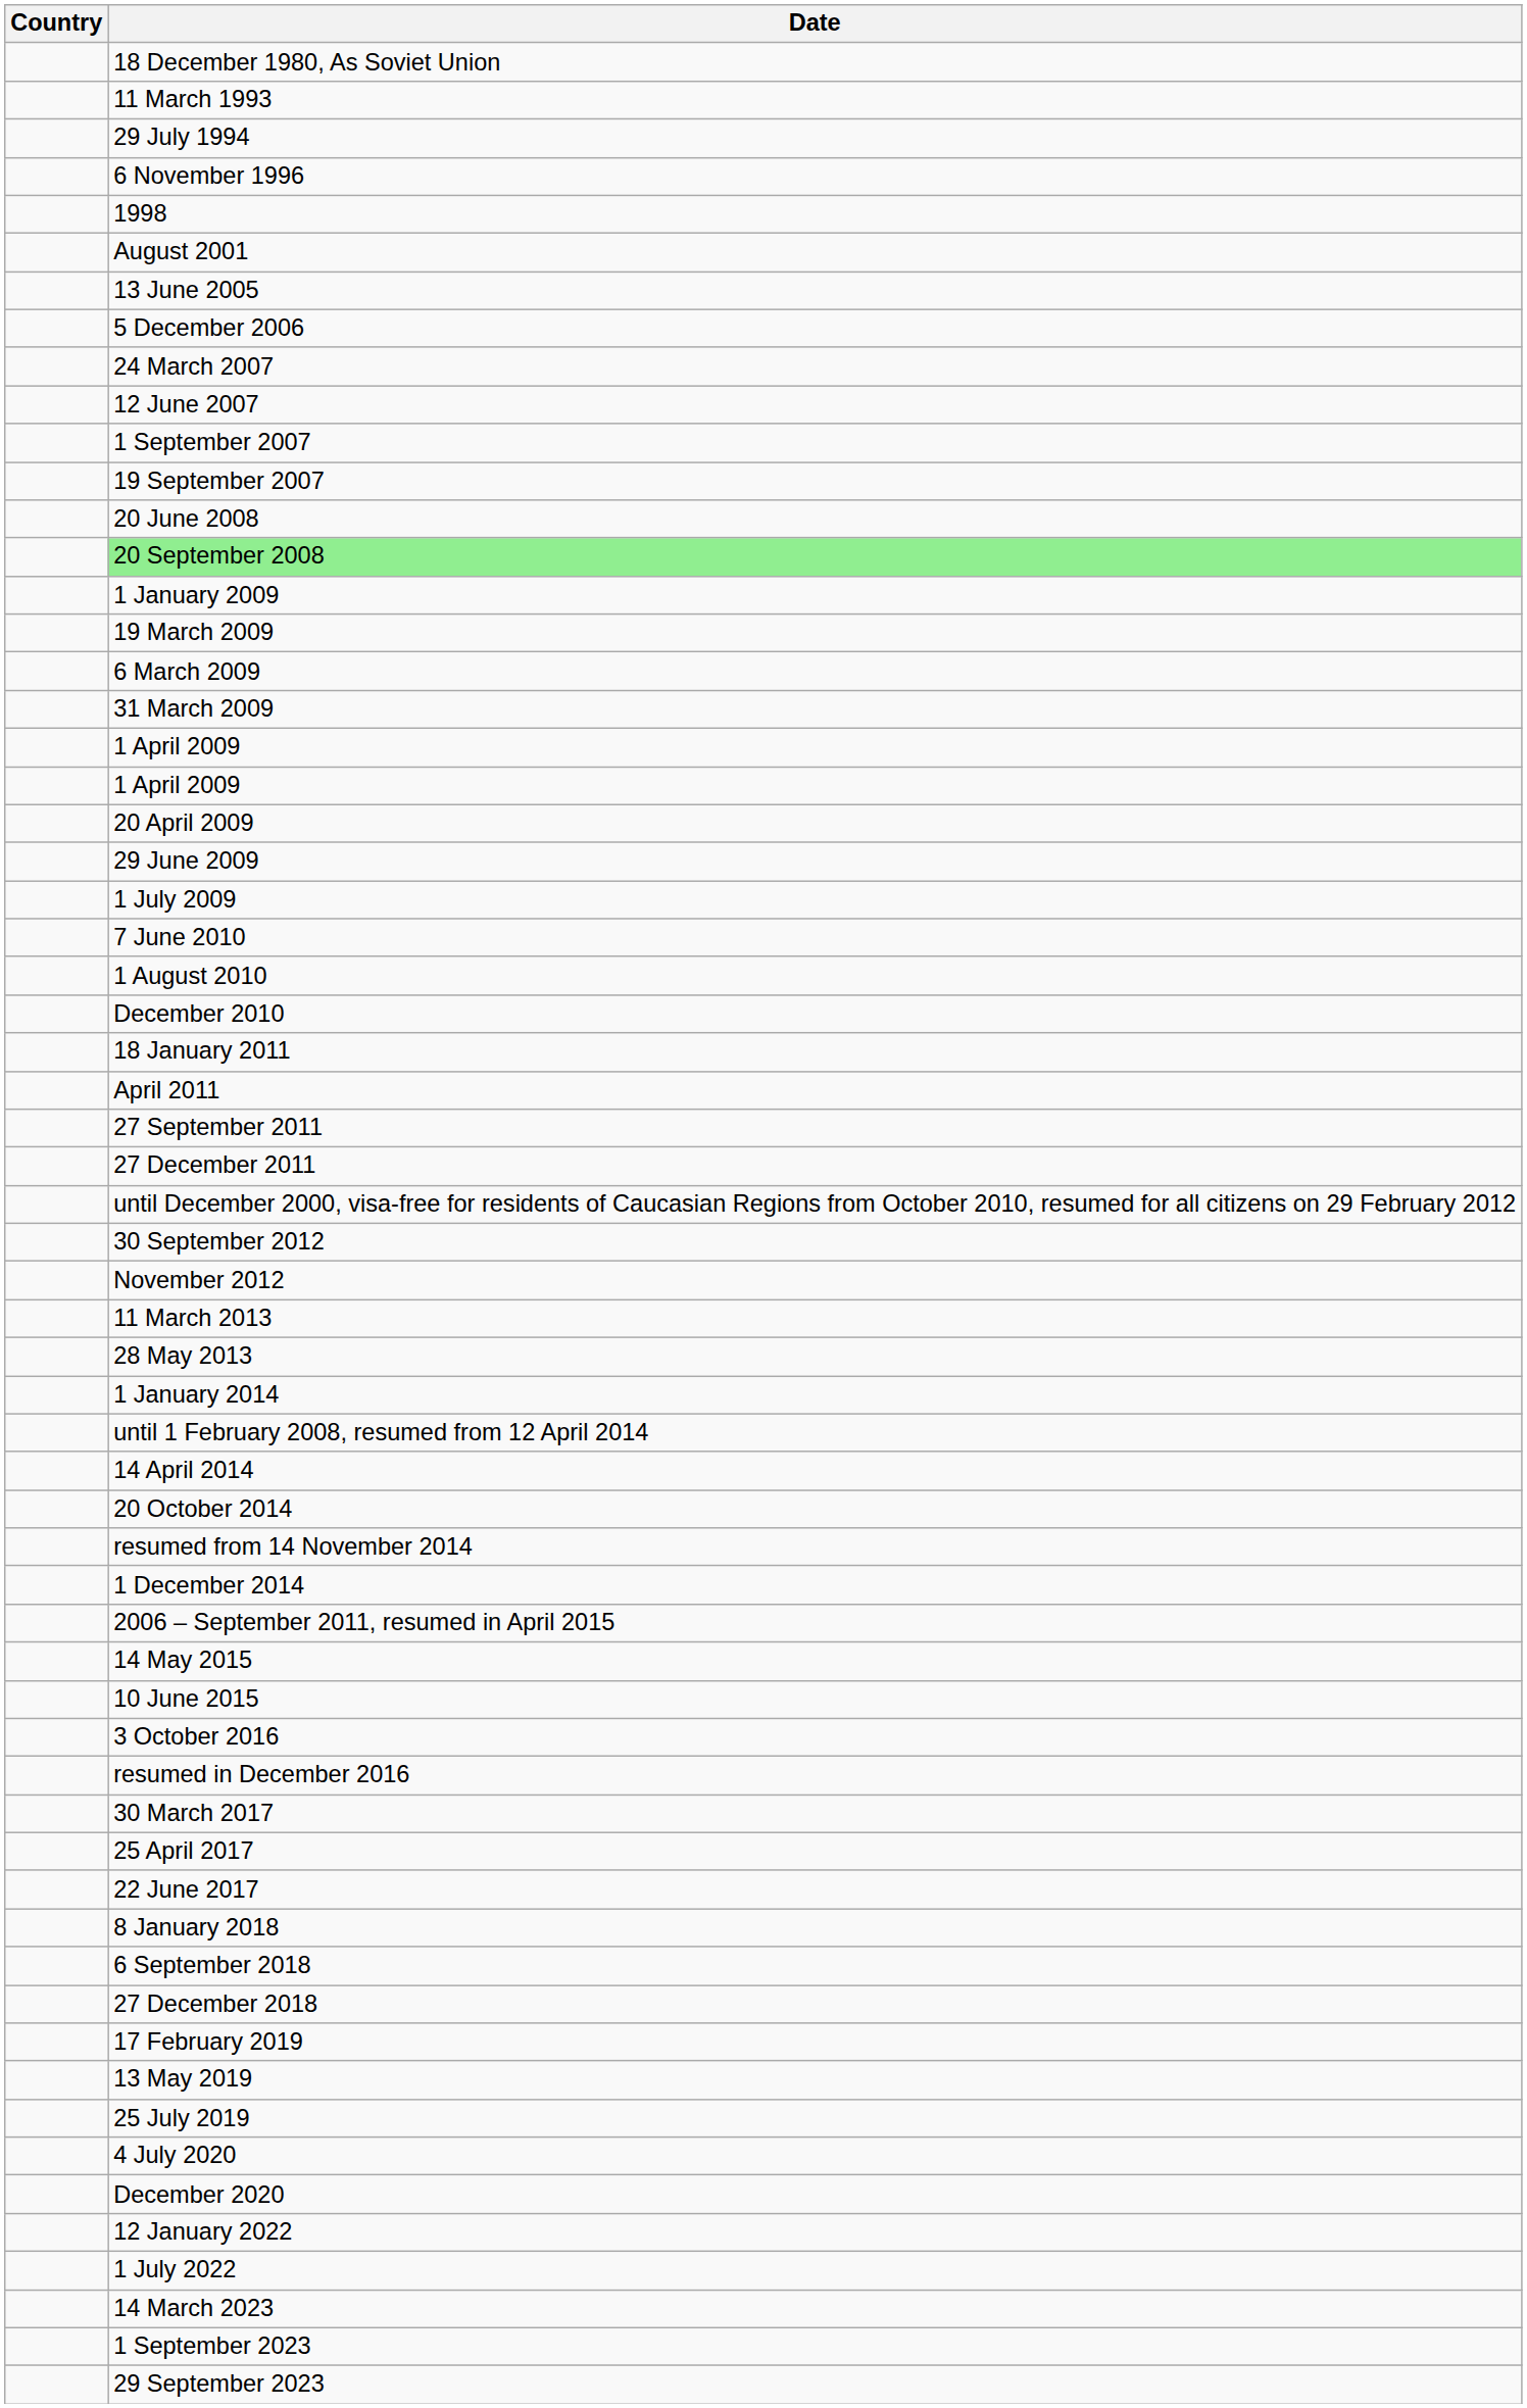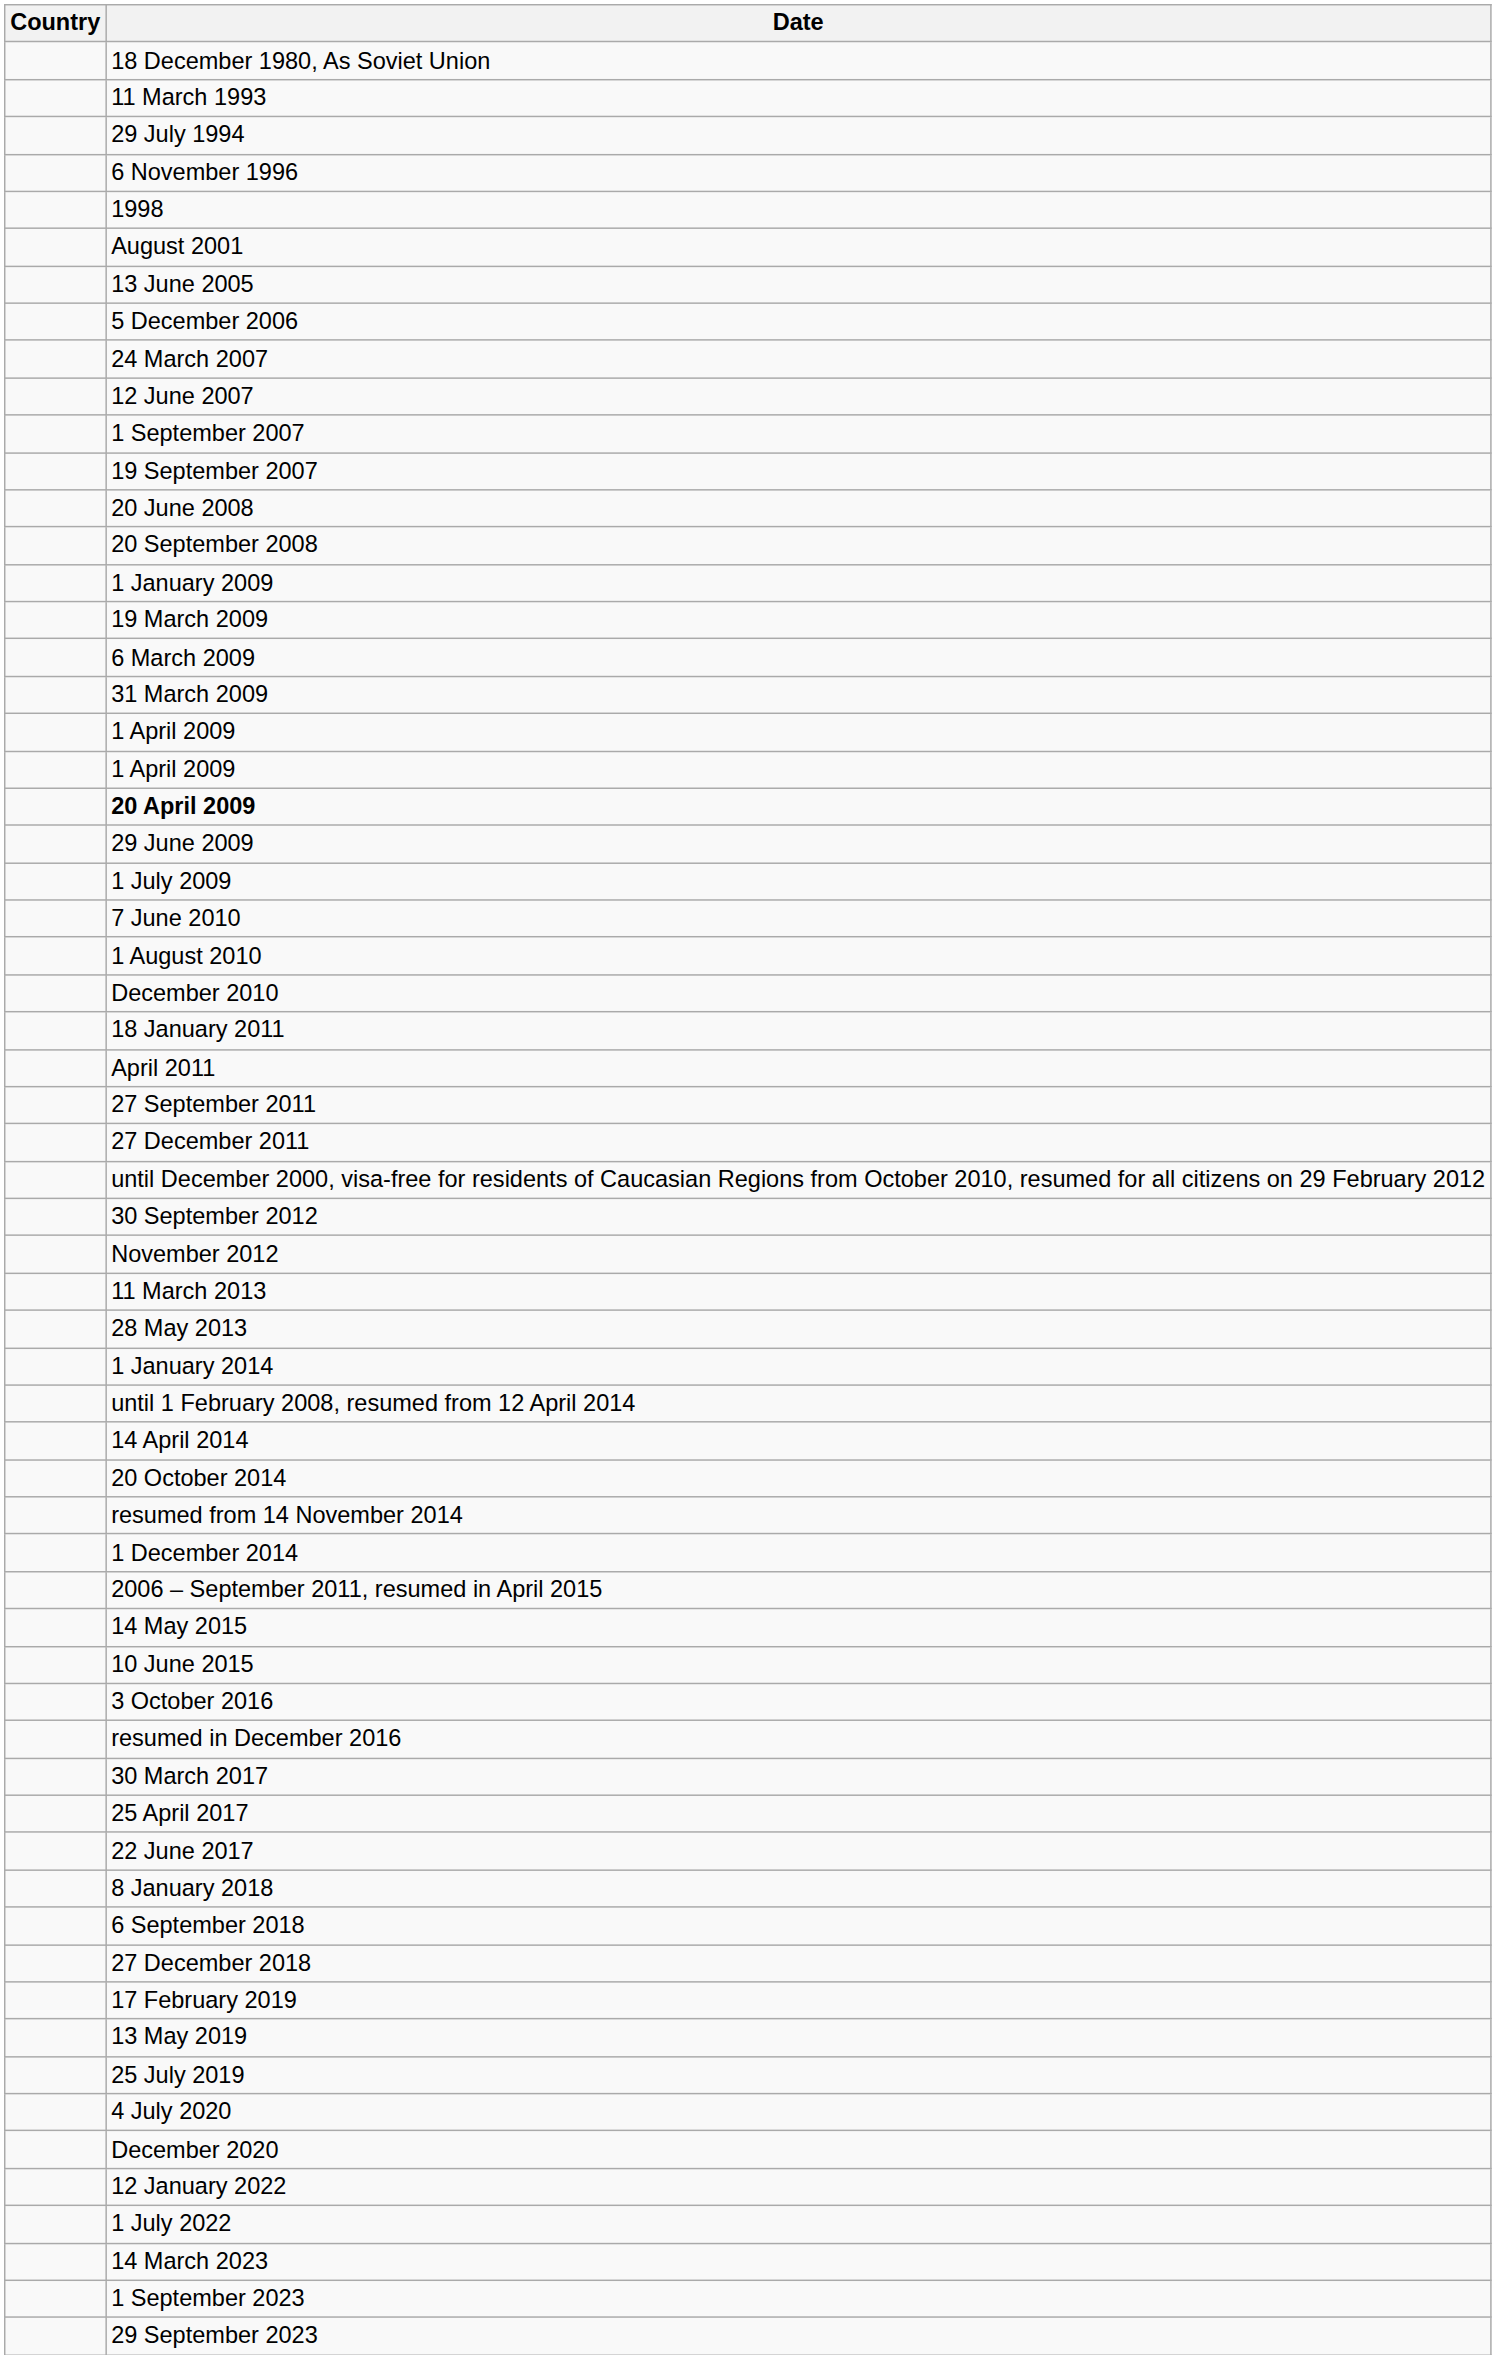 <table class="wikitable sortable collapsible collapsed">
 <tr>
 <th>Country</th>
 <th>Date</th>
 </tr>
 <tr>
 <td></td>
 <td>18 December 1980, As Soviet Union</td>
 </tr>
 <tr>
 <td></td>
 <td>11 March 1993</td>
 </tr>
 <tr>
 <td></td>
 <td>29 July 1994</td>
 </tr>
 <tr>
 <td></td>
 <td>6 November 1996</td>
 </tr>
 <tr>
 <td></td>
 <td>1998</td>
 </tr>
 <tr>
 <td></td>
 <td>August 2001</td>
 </tr>
 <tr>
 <td></td>
 <td>13 June 2005</td>
 </tr>
 <tr>
 <td></td>
 <td>5 December 2006</td>
 </tr>
 <tr>
 <td></td>
 <td>24 March 2007</td>
 </tr>
 <tr>
 <td></td>
 <td>12 June 2007</td>
 </tr>
 <tr>
 <td></td>
 <td>1 September 2007</td>
 </tr>
 <tr>
 <td></td>
 <td>19 September 2007</td>
 </tr>
 <tr>
 <td></td>
 <td>20 June 2008</td>
 </tr>
 <tr>
 <td></td>
-<td style="background: lightgreen;">20 September 2008</td>
+<td>20 September 2008</td>
 </tr>
 <tr>
 <td></td>
 <td>1 January 2009</td>
 </tr>
 <tr>
 <td></td>
 <td>19 March 2009</td>
 </tr>
 <tr>
 <td></td>
 <td>6 March 2009</td>
 </tr>
 <tr>
 <td><br></td>
 <td>31 March 2009</td>
 </tr>
 <tr>
 <td></td>
 <td>1 April 2009</td>
 </tr>
 <tr>
 <td></td>
 <td>1 April 2009</td>
 </tr>
 <tr>
 <td></td>
-<td>20 April 2009</td>
+<td><strong>20 April 2009</strong></td>
 </tr>
 <tr>
 <td></td>
 <td>29 June 2009</td>
 </tr>
 <tr>
 <td></td>
 <td>1 July 2009</td>
 </tr>
 <tr>
 <td></td>
 <td>7 June 2010</td>
 </tr>
 <tr>
 <td></td>
 <td>1 August 2010</td>
 </tr>
 <tr>
 <td></td>
 <td>December 2010</td>
 </tr>
 <tr>
 <td></td>
 <td>18 January 2011</td>
 </tr>
 <tr>
 <td></td>
 <td>April 2011</td>
 </tr>
 <tr>
 <td></td>
 <td>27 September 2011</td>
 </tr>
 <tr>
 <td></td>
 <td>27 December 2011</td>
 </tr>
 <tr>
 <td></td>
 <td>until December 2000, visa-free for residents of Caucasian Regions from October 2010, resumed for all citizens on 29 February 2012</td>
 </tr>
 <tr>
 <td></td>
 <td>30 September 2012</td>
 </tr>
 <tr>
 <td></td>
 <td>November 2012</td>
 </tr>
 <tr>
 <td></td>
 <td>11 March 2013</td>
 </tr>
 <tr>
 <td></td>
 <td>28 May 2013</td>
 </tr>
 <tr>
 <td></td>
 <td>1 January 2014</td>
 </tr>
 <tr>
 <td></td>
 <td>until 1 February 2008, resumed from 12 April 2014</td>
 </tr>
 <tr>
 <td></td>
 <td>14 April 2014</td>
 </tr>
 <tr>
 <td></td>
 <td>20 October 2014</td>
 </tr>
 <tr>
 <td></td>
 <td>resumed from 14 November 2014</td>
 </tr>
 <tr>
 <td></td>
 <td>1 December 2014</td>
 </tr>
 <tr>
 <td></td>
 <td>2006 – September 2011, resumed in April 2015</td>
 </tr>
 <tr>
 <td></td>
 <td>14 May 2015</td>
 </tr>
 <tr>
 <td></td>
 <td>10 June 2015</td>
 </tr>
 <tr>
 <td></td>
 <td>3 October 2016</td>
 </tr>
 <tr>
 <td></td>
 <td>resumed in December 2016</td>
 </tr>
 <tr>
 <td></td>
 <td>30 March 2017</td>
 </tr>
 <tr>
 <td></td>
 <td>25 April 2017</td>
 </tr>
 <tr>
 <td></td>
 <td>22 June 2017</td>
 </tr>
 <tr>
 <td></td>
 <td>8 January 2018</td>
 </tr>
 <tr>
 <td></td>
 <td>6 September 2018</td>
 </tr>
 <tr>
 <td></td>
 <td>27 December 2018</td>
 </tr>
 <tr>
 <td></td>
 <td>17 February 2019</td>
 </tr>
 <tr>
 <td></td>
 <td>13 May 2019</td>
 </tr>
 <tr>
 <td></td>
 <td>25 July 2019</td>
 </tr>
 <tr>
 <td></td>
 <td>4 July 2020</td>
 </tr>
 <tr>
 <td></td>
 <td>December 2020</td>
 </tr>
 <tr>
 <td></td>
 <td>12 January 2022</td>
 </tr>
 <tr>
 <td></td>
 <td>1 July 2022</td>
 </tr>
 <tr>
 <td></td>
 <td>14 March 2023</td>
 </tr>
 <tr>
 <td></td>
 <td>1 September 2023</td>
 </tr>
 <tr>
 <td></td>
 <td>29 September 2023</td>
 </tr>
 </table>
